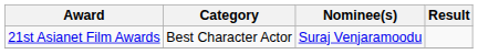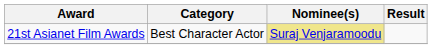 <table class="wikitable plainrowheaders sortable">
 <tr>
 <th scope="col">Award</th>
 <th scope="col">Category</th>
 <th scope="col">Nominee(s)</th>
 <th scope="col">Result</th>
 </tr>
 <tr>
 <td><a href='#'>21st Asianet Film Awards</a></td>
 <td>Best Character Actor</td>
-<td><a href='#'>Suraj Venjaramoodu</a></td>
+<td style="background: khaki;"><a href='#'>Suraj Venjaramoodu</a></td>
 <td></td>
 </tr>
 <tr>
 </tr>
 </table>
